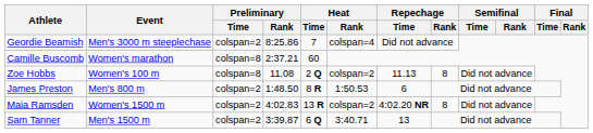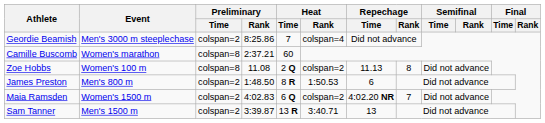 <table class=wikitable style=font-size:90%;text-align:center>
 <tr>
 <th rowspan=2>Athlete</th>
 <th rowspan=2>Event</th>
 <th colspan=2>Preliminary</th>
 <th colspan=2>Heat</th>
 <th colspan=2>Repechage</th>
 <th colspan=2>Semifinal</th>
 <th colspan=2>Final</th>
 </tr>
 <tr style=font-size:95%>
 <th>Time</th>
 <th>Rank</th>
 <th>Time</th>
 <th>Rank</th>
 <th>Time</th>
 <th>Rank</th>
 <th>Time</th>
 <th>Rank</th>
 <th>Time</th>
 <th>Rank</th>
 </tr>
 <tr>
 <td align=left><a href='#'>Geordie Beamish</a></td>
 <td align=left><a href='#'>Men's 3000 m steeplechase</a></td>
 <td>colspan=2 </td>
 <td>8:25.86</td>
 <td>7</td>
 <td>colspan=4 </td>
 <td colspan=2>Did not advance</td>
 </tr>
 <tr>
 <td align=left><a href='#'>Camille Buscomb</a></td>
 <td align=left><a href='#'>Women's marathon</a></td>
 <td>colspan=8 </td>
 <td>2:37.21</td>
 <td>60</td>
 </tr>
 <tr>
 <td align=left><a href='#'>Zoe Hobbs</a></td>
 <td align=left><a href='#'>Women's 100 m</a></td>
 <td>colspan=8 </td>
 <td>11.08</td>
 <td>2 <strong>Q</strong></td>
 <td>colspan=2 </td>
 <td>11.13</td>
 <td>8</td>
 <td colspan=2>Did not advance</td>
 </tr>
 <tr>
 <td align=left><a href='#'>James Preston</a></td>
 <td align=left><a href='#'>Men's 800 m</a></td>
 <td>colspan=2 </td>
 <td>1:48.50</td>
 <td>8 <strong>R</strong></td>
 <td>1:50.53</td>
 <td>6</td>
 <td colspan=4>Did not advance</td>
 </tr>
 <tr>
 <td align=left><a href='#'>Maia Ramsden</a></td>
 <td align=left><a href='#'>Women's 1500 m</a></td>
 <td>colspan=2 </td>
 <td>4:02.83</td>
-<td>13 <strong>R</strong></td>
+<td>6 <strong>Q</strong></td>
 <td>colspan=2 </td>
 <td>4:02.20 <strong>NR</strong></td>
-<td>8</td>
+<td>7</td>
 <td colspan=2>Did not advance</td>
 </tr>
 <tr>
 <td align=left><a href='#'>Sam Tanner</a></td>
 <td align=left><a href='#'>Men's 1500 m</a></td>
 <td>colspan=2 </td>
 <td>3:39.87</td>
-<td>6 <strong>Q</strong></td>
+<td>13 <strong>R</strong></td>
 <td>3:40.71</td>
 <td>13</td>
 <td colspan=4>Did not advance</td>
 </tr>
 </table>
